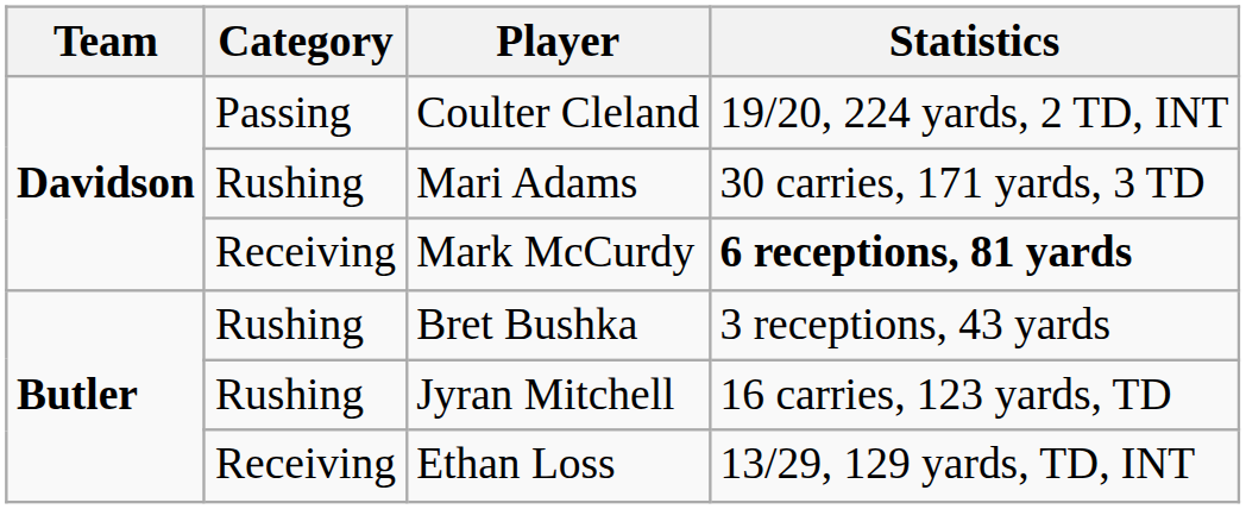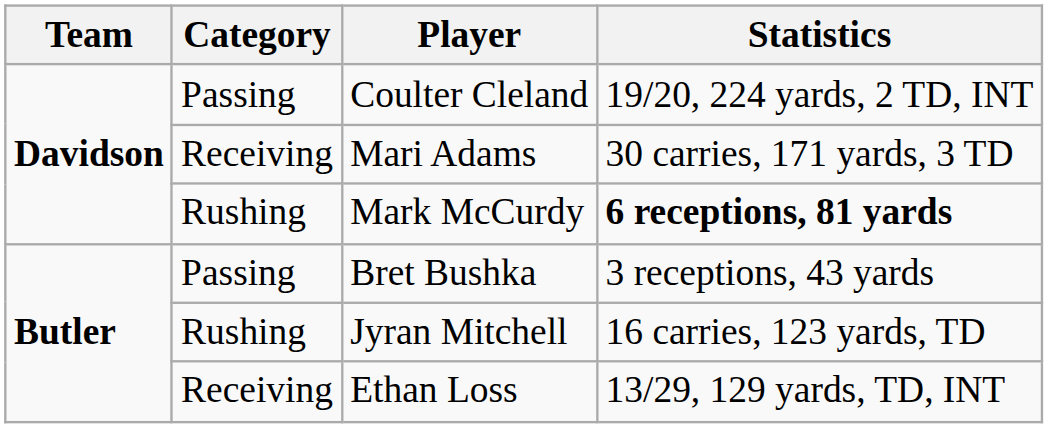 <table class="wikitable" style="float: right;">
 <tr>
 <th>Team</th>
 <th>Category</th>
 <th>Player</th>
 <th>Statistics</th>
 </tr>
 <tr>
 <td rowspan=3><strong>Davidson</strong></td>
 <td>Passing</td>
 <td>Coulter Cleland</td>
 <td>19/20, 224 yards, 2 TD, INT</td>
 </tr>
 <tr>
-<td>Rushing</td>
+<td>Receiving</td>
 <td>Mari Adams</td>
 <td>30 carries, 171 yards, 3 TD</td>
 </tr>
 <tr>
-<td>Receiving</td>
+<td>Rushing</td>
 <td>Mark McCurdy</td>
 <td><strong>6 receptions, 81 yards</strong></td>
 </tr>
 <tr>
 <td rowspan=3><strong>Butler</strong></td>
-<td>Rushing</td>
+<td>Passing</td>
 <td>Bret Bushka</td>
 <td>3 receptions, 43 yards</td>
 </tr>
 <tr>
 <td>Rushing</td>
 <td>Jyran Mitchell</td>
 <td>16 carries, 123 yards, TD</td>
 </tr>
 <tr>
 <td>Receiving</td>
 <td>Ethan Loss</td>
 <td>13/29, 129 yards, TD, INT</td>
 </tr>
 </table>
